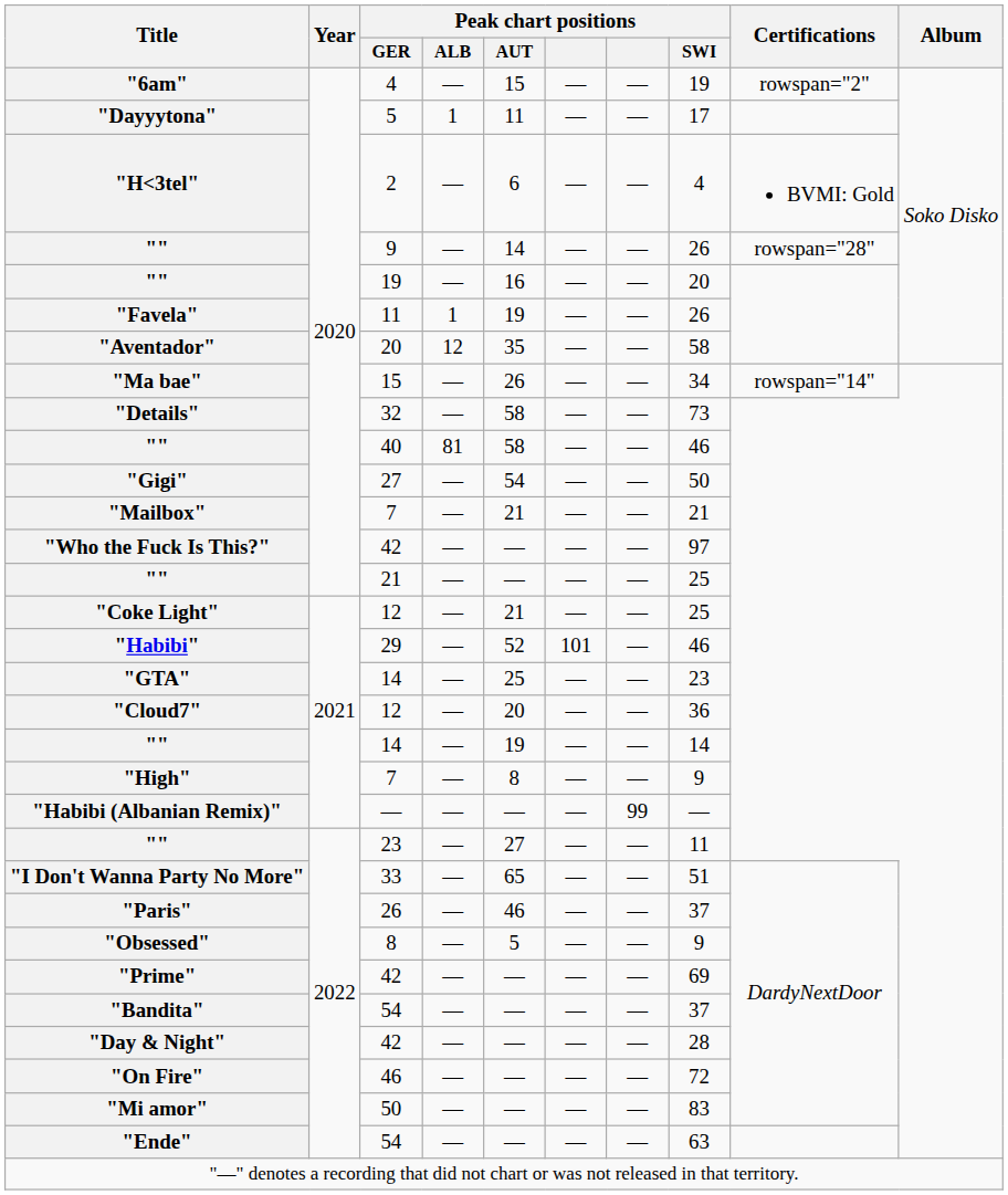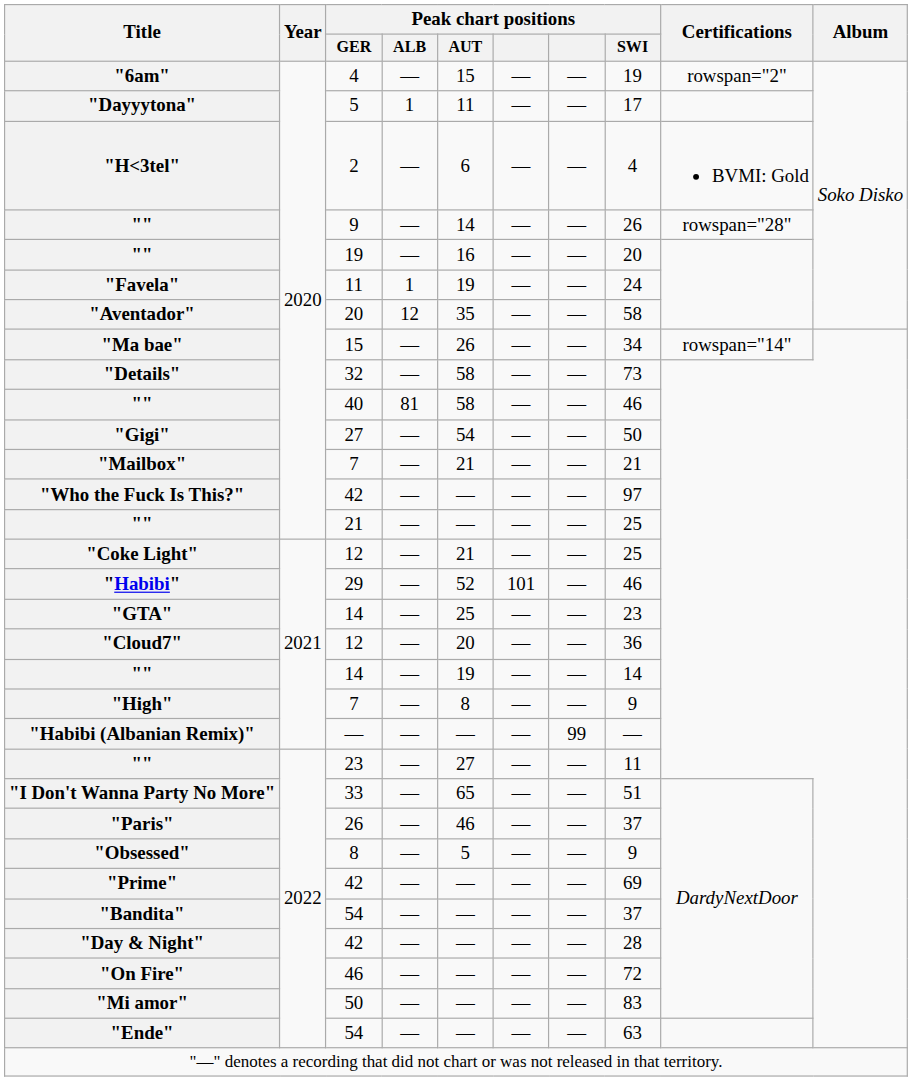 <table class="wikitable plainrowheaders" style="text-align:center;">
 <tr>
 <th scope="col" rowspan="2">Title</th>
 <th scope="col" rowspan="2">Year</th>
 <th scope="col" colspan="6">Peak chart positions</th>
 <th scope="col" rowspan="2">Certifications</th>
 <th scope="col" rowspan="2">Album</th>
 </tr>
 <tr>
 <th style="width:3em; font-size:85%;">GER<br></th>
 <th style="width:3em; font-size:85%;">ALB<br></th>
 <th style="width:3em; font-size:85%;">AUT<br></th>
 <th style="width:3em; font-size:85%;"><a href='#'></a><br></th>
 <th style="width:3em; font-size:85%;"><a href='#'></a><br></th>
 <th style="width:3em; font-size:85%;">SWI<br></th>
 </tr>
 <tr>
 <th scope="row">"6am"</th>
 <td rowspan="14">2020</td>
 <td>4</td>
 <td>—</td>
 <td>15</td>
 <td>—</td>
 <td>—</td>
 <td>19</td>
 <td>rowspan="2" </td>
 <td rowspan="7"><em>Soko Disko</em></td>
 </tr>
 <tr>
 <th scope="row">"Dayyytona"</th>
 <td>5</td>
 <td>1</td>
 <td>11</td>
 <td>—</td>
 <td>—</td>
 <td>17</td>
 </tr>
 <tr>
 <th scope="row">"H<3tel"<br></th>
 <td>2</td>
 <td>—</td>
 <td>6</td>
 <td>—</td>
 <td>—</td>
 <td>4</td>
 <td><br><ul><li>BVMI: Gold</li></ul></td>
 </tr>
 <tr>
 <th scope="row">""</th>
 <td>9</td>
 <td>—</td>
 <td>14</td>
 <td>—</td>
 <td>—</td>
 <td>26</td>
 <td>rowspan="28" </td>
 </tr>
 <tr>
 <th scope="row">""<br></th>
 <td>19</td>
 <td>—</td>
 <td>16</td>
 <td>—</td>
 <td>—</td>
 <td>20</td>
 </tr>
 <tr>
 <th scope="row">"Favela"</th>
 <td>11</td>
 <td>1</td>
 <td>19</td>
 <td>—</td>
 <td>—</td>
-<td>26</td>
+<td>24</td>
 </tr>
 <tr>
 <th scope="row">"Aventador"<br></th>
 <td>20</td>
 <td>12</td>
 <td>35</td>
 <td>—</td>
 <td>—</td>
 <td>58</td>
 </tr>
 <tr>
 <th scope="row">"Ma bae"</th>
 <td>15</td>
 <td>—</td>
 <td>26</td>
 <td>—</td>
 <td>—</td>
 <td>34</td>
 <td>rowspan="14" </td>
 </tr>
 <tr>
 <th scope="row">"Details"<br></th>
 <td>32</td>
 <td>—</td>
 <td>58</td>
 <td>—</td>
 <td>—</td>
 <td>73</td>
 </tr>
 <tr>
 <th scope="row">""<br></th>
 <td>40</td>
 <td>81</td>
 <td>58</td>
 <td>—</td>
 <td>—</td>
 <td>46</td>
 </tr>
 <tr>
 <th scope="row">"Gigi"<br></th>
 <td>27</td>
 <td>—</td>
 <td>54</td>
 <td>—</td>
 <td>—</td>
 <td>50</td>
 </tr>
 <tr>
 <th scope="row">"Mailbox"<br></th>
 <td>7</td>
 <td>—</td>
 <td>21</td>
 <td>—</td>
 <td>—</td>
 <td>21</td>
 </tr>
 <tr>
 <th scope="row">"Who the Fuck Is This?"<br></th>
 <td>42</td>
 <td>—</td>
 <td>—</td>
 <td>—</td>
 <td>—</td>
 <td>97</td>
 </tr>
 <tr>
 <th scope="row">""</th>
 <td>21</td>
 <td>—</td>
 <td>—</td>
 <td>—</td>
 <td>—</td>
 <td>25</td>
 </tr>
 <tr>
 <th scope="row">"Coke Light"</th>
 <td rowspan="7">2021</td>
 <td>12</td>
 <td>—</td>
 <td>21</td>
 <td>—</td>
 <td>—</td>
 <td>25</td>
 </tr>
 <tr>
 <th scope="row">"<a href='#'>Habibi</a>"<br></th>
 <td>29</td>
 <td>—</td>
 <td>52</td>
 <td>101</td>
 <td>—</td>
 <td>46</td>
 </tr>
 <tr>
 <th scope="row">"GTA"</th>
 <td>14</td>
 <td>—</td>
 <td>25</td>
 <td>—</td>
 <td>—</td>
 <td>23</td>
 </tr>
 <tr>
 <th scope="row">"Cloud7"<br></th>
 <td>12</td>
 <td>—</td>
 <td>20</td>
 <td>—</td>
 <td>—</td>
 <td>36</td>
 </tr>
 <tr>
 <th scope="row">""<br></th>
 <td>14</td>
 <td>—</td>
 <td>19</td>
 <td>—</td>
 <td>—</td>
 <td>14</td>
 </tr>
 <tr>
 <th scope="row">"High"<br></th>
 <td>7</td>
 <td>—</td>
 <td>8</td>
 <td>—</td>
 <td>—</td>
 <td>9</td>
 </tr>
 <tr>
 <th scope="row">"Habibi (Albanian Remix)"<br></th>
 <td>—</td>
 <td>—</td>
 <td>—</td>
 <td>—</td>
 <td>99</td>
 <td>—</td>
 </tr>
 <tr>
 <th scope="row">""<br></th>
 <td rowspan="10">2022</td>
 <td>23</td>
 <td>—</td>
 <td>27</td>
 <td>—</td>
 <td>—</td>
 <td>11</td>
 </tr>
 <tr>
 <th scope="row">"I Don't Wanna Party No More"</th>
 <td>33</td>
 <td>—</td>
 <td>65</td>
 <td>—</td>
 <td>—</td>
 <td>51</td>
 <td rowspan="8"><em>DardyNextDoor</em></td>
 </tr>
 <tr>
 <th scope="row">"Paris"</th>
 <td>26</td>
 <td>—</td>
 <td>46</td>
 <td>—</td>
 <td>—</td>
 <td>37</td>
 </tr>
 <tr>
 <th scope="row">"Obsessed"<br></th>
 <td>8</td>
 <td>—</td>
 <td>5</td>
 <td>—</td>
 <td>—</td>
 <td>9</td>
 </tr>
 <tr>
 <th scope="row">"Prime"<br></th>
 <td>42</td>
 <td>—</td>
 <td>—</td>
 <td>—</td>
 <td>—</td>
 <td>69</td>
 </tr>
 <tr>
 <th scope="row">"Bandita"<br></th>
 <td>54</td>
 <td>—</td>
 <td>—</td>
 <td>—</td>
 <td>—</td>
 <td>37</td>
 </tr>
 <tr>
 <th scope="row">"Day & Night"<br></th>
 <td>42</td>
 <td>—</td>
 <td>—</td>
 <td>—</td>
 <td>—</td>
 <td>28</td>
 </tr>
 <tr>
 <th scope="row">"On Fire"<br></th>
 <td>46</td>
 <td>—</td>
 <td>—</td>
 <td>—</td>
 <td>—</td>
 <td>72</td>
 </tr>
 <tr>
 <th scope="row">"Mi amor"<br></th>
 <td>50</td>
 <td>—</td>
 <td>—</td>
 <td>—</td>
 <td>—</td>
 <td>83</td>
 </tr>
 <tr>
 <th scope="row">"Ende"<br></th>
 <td>54</td>
 <td>—</td>
 <td>—</td>
 <td>—</td>
 <td>—</td>
 <td>63</td>
 <td></td>
 </tr>
 <tr>
 <td colspan="10" style="font-size:90%">"—" denotes a recording that did not chart or was not released in that territory.</td>
 </tr>
 </table>
